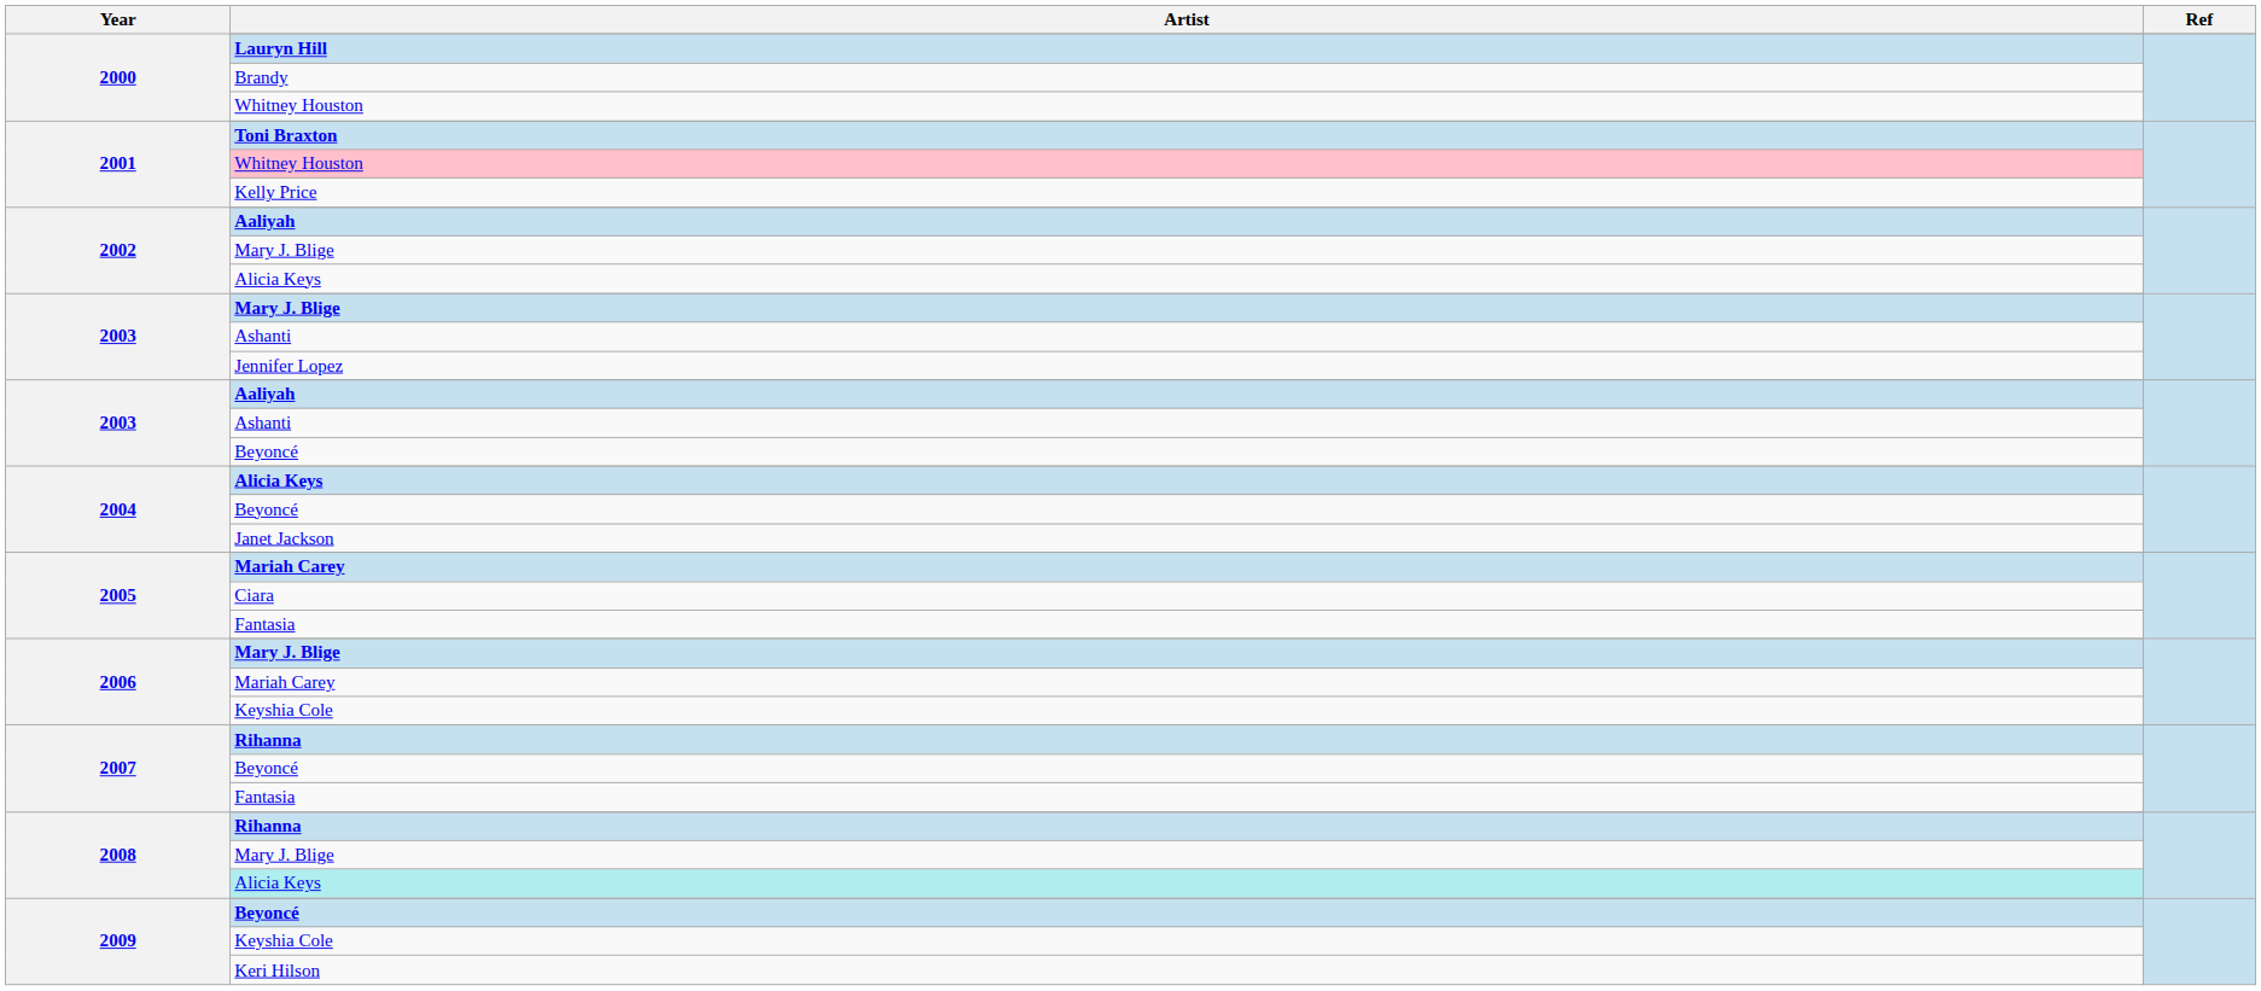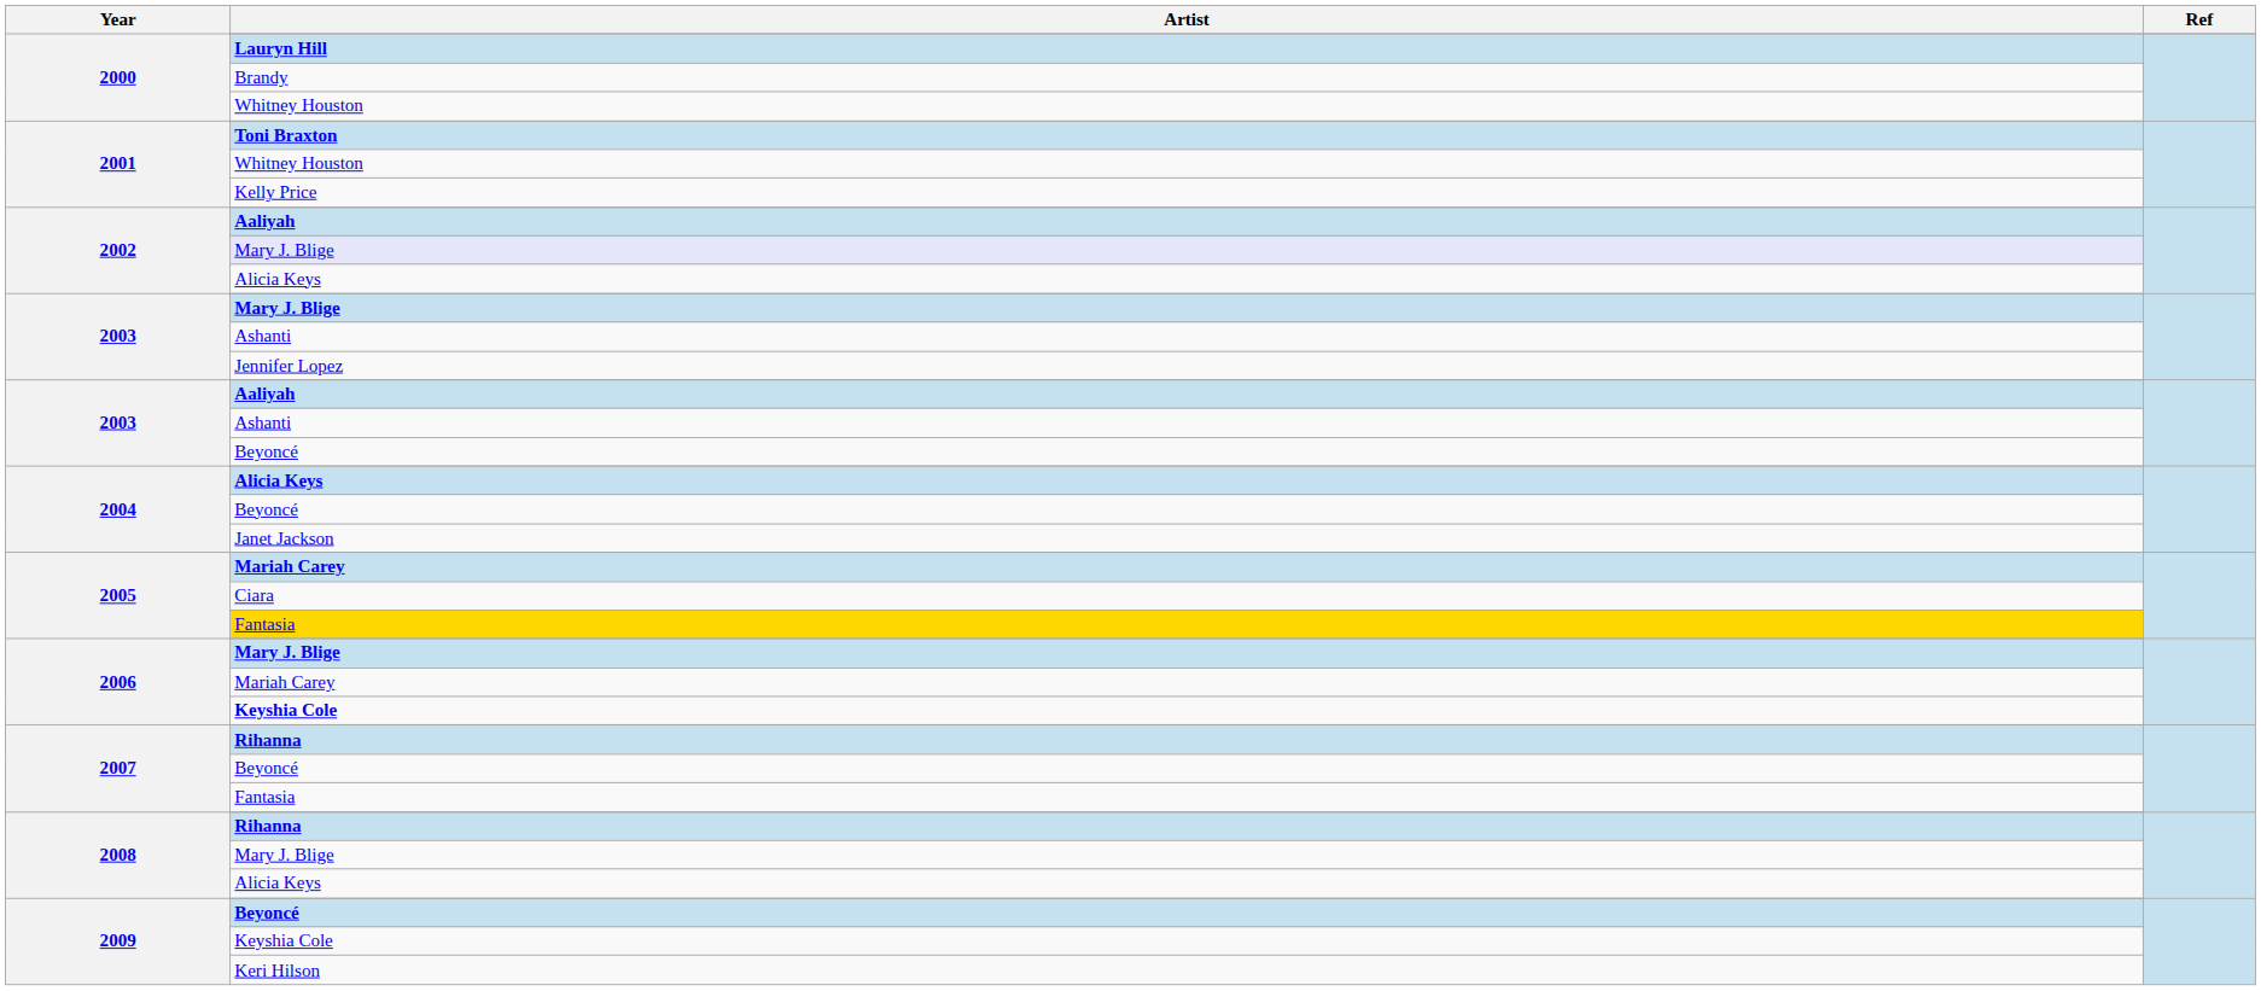 <table class="wikitable" width="100%">
 <tr>
 <th width="10%">Year</th>
 <th width="85%">Artist</th>
 <th width="5%">Ref</th>
 </tr>
 <tr>
 <th rowspan="4" align="center"><a href='#'>2000<br></a></th>
 </tr>
 <tr style="background:#c5e1f0">
 <td><strong><a href='#'>Lauryn Hill</a></strong></td>
 <td rowspan="4" align="center"></td>
 </tr>
 <tr>
 <td><a href='#'>Brandy</a></td>
 </tr>
 <tr>
 <td><a href='#'>Whitney Houston</a></td>
 </tr>
 <tr>
 <th rowspan="4" align="center"><a href='#'>2001<br></a></th>
 </tr>
 <tr style="background:#c5e1f0">
 <td><strong><a href='#'>Toni Braxton</a></strong></td>
 <td rowspan="4" align="center"></td>
 </tr>
 <tr>
-<td style="background: pink;"><a href='#'>Whitney Houston</a></td>
+<td><a href='#'>Whitney Houston</a></td>
 </tr>
 <tr>
 <td><a href='#'>Kelly Price</a></td>
 </tr>
 <tr>
 <th rowspan="4" align="center"><a href='#'>2002<br></a></th>
 </tr>
 <tr style="background:#c5e1f0">
 <td><strong><a href='#'>Aaliyah</a></strong></td>
 <td rowspan="4" align="center"></td>
 </tr>
 <tr>
-<td><a href='#'>Mary J. Blige</a></td>
+<td style="background: lavender;"><a href='#'>Mary J. Blige</a></td>
 </tr>
 <tr>
 <td><a href='#'>Alicia Keys</a></td>
 </tr>
 <tr>
 <th rowspan="4" align="center"><a href='#'>2003<br></a></th>
 </tr>
 <tr style="background:#c5e1f0">
 <td><strong><a href='#'>Mary J. Blige</a></strong></td>
 <td rowspan="4" align="center"></td>
 </tr>
 <tr>
 <td><a href='#'>Ashanti</a></td>
 </tr>
 <tr>
 <td><a href='#'>Jennifer Lopez</a></td>
 </tr>
 <tr>
 <th rowspan="4" align="center"><a href='#'>2003<br></a></th>
 </tr>
 <tr style="background:#c5e1f0">
 <td><strong><a href='#'>Aaliyah</a></strong></td>
 <td rowspan="4" align="center"></td>
 </tr>
 <tr>
 <td><a href='#'>Ashanti</a></td>
 </tr>
 <tr>
 <td><a href='#'>Beyoncé</a></td>
 </tr>
 <tr>
 <th rowspan="4" align="center"><a href='#'>2004<br></a></th>
 </tr>
 <tr style="background:#c5e1f0">
 <td><strong><a href='#'>Alicia Keys</a></strong></td>
 <td rowspan="4" align="center"></td>
 </tr>
 <tr>
 <td><a href='#'>Beyoncé</a></td>
 </tr>
 <tr>
 <td><a href='#'>Janet Jackson</a></td>
 </tr>
 <tr>
 <th rowspan="4" align="center"><a href='#'>2005<br></a></th>
 </tr>
 <tr style="background:#c5e1f0">
 <td><strong><a href='#'>Mariah Carey</a></strong></td>
 <td rowspan="4" align="center"></td>
 </tr>
 <tr>
 <td><a href='#'>Ciara</a></td>
 </tr>
 <tr>
-<td><a href='#'>Fantasia</a></td>
+<td style="background: gold;"><a href='#'>Fantasia</a></td>
 </tr>
 <tr>
 <th rowspan="4" align="center"><a href='#'>2006<br></a></th>
 </tr>
 <tr style="background:#c5e1f0">
 <td><strong><a href='#'>Mary J. Blige</a></strong></td>
 <td rowspan="4" align="center"></td>
 </tr>
 <tr>
 <td><a href='#'>Mariah Carey</a></td>
 </tr>
 <tr>
-<td><a href='#'>Keyshia Cole</a></td>
+<td><strong><a href='#'>Keyshia Cole</a></strong></td>
 </tr>
 <tr>
 <th rowspan="4" align="center"><a href='#'>2007<br></a></th>
 </tr>
 <tr style="background:#c5e1f0">
 <td><strong><a href='#'>Rihanna</a></strong></td>
 <td rowspan="4" align="center"></td>
 </tr>
 <tr>
 <td><a href='#'>Beyoncé</a></td>
 </tr>
 <tr>
 <td><a href='#'>Fantasia</a></td>
 </tr>
 <tr>
 <th rowspan="4" align="center"><a href='#'>2008<br></a></th>
 </tr>
 <tr style="background:#c5e1f0">
 <td><strong><a href='#'>Rihanna</a></strong></td>
 <td rowspan="4" align="center"></td>
 </tr>
 <tr>
 <td><a href='#'>Mary J. Blige</a></td>
 </tr>
 <tr>
-<td style="background: paleturquoise;"><a href='#'>Alicia Keys</a></td>
+<td><a href='#'>Alicia Keys</a></td>
 </tr>
 <tr>
 <th rowspan="4" align="center"><a href='#'>2009<br></a></th>
 </tr>
 <tr style="background:#c5e1f0">
 <td><strong><a href='#'>Beyoncé</a></strong></td>
 <td rowspan="4" align="center"></td>
 </tr>
 <tr>
 <td><a href='#'>Keyshia Cole</a></td>
 </tr>
 <tr>
 <td><a href='#'>Keri Hilson</a></td>
 </tr>
 </table>
